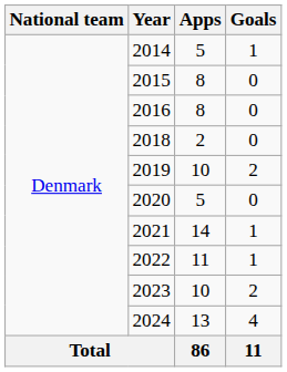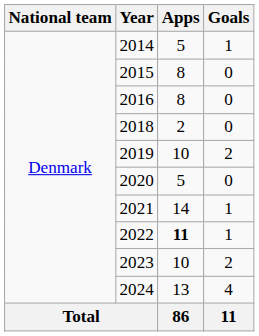 <table class=wikitable style=text-align:center>
 <tr>
 <th>National team</th>
 <th>Year</th>
 <th>Apps</th>
 <th>Goals</th>
 </tr>
 <tr>
 <td rowspan=10><a href='#'>Denmark</a></td>
 <td>2014</td>
 <td>5</td>
 <td>1</td>
 </tr>
 <tr>
 <td>2015</td>
 <td>8</td>
 <td>0</td>
 </tr>
 <tr>
 <td>2016</td>
 <td>8</td>
 <td>0</td>
 </tr>
 <tr>
 <td>2018</td>
 <td>2</td>
 <td>0</td>
 </tr>
 <tr>
 <td>2019</td>
 <td>10</td>
 <td>2</td>
 </tr>
 <tr>
 <td>2020</td>
 <td>5</td>
 <td>0</td>
 </tr>
 <tr>
 <td>2021</td>
 <td>14</td>
 <td>1</td>
 </tr>
 <tr>
 <td>2022</td>
-<td>11</td>
+<td><strong>11</strong></td>
 <td>1</td>
 </tr>
 <tr>
 <td>2023</td>
 <td>10</td>
 <td>2</td>
 </tr>
 <tr>
 <td>2024</td>
 <td>13</td>
 <td>4</td>
 </tr>
 <tr>
 <th colspan=2>Total</th>
 <th>86</th>
 <th>11</th>
 </tr>
 </table>
